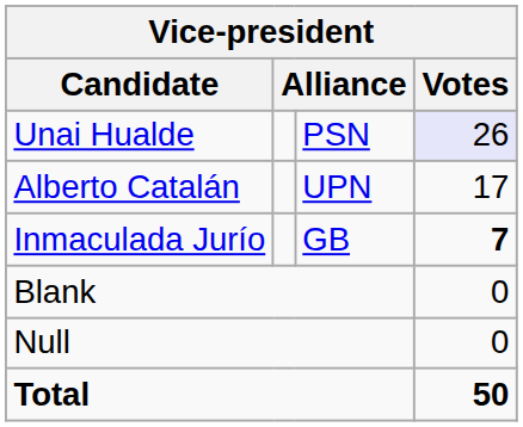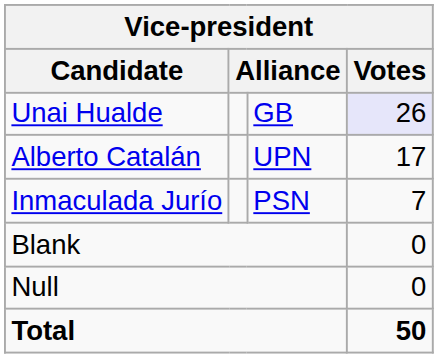 <table class="wikitable" style="font-size:90%; text-align:right;">
 <tr>
 <th colspan="4">Vice-president</th>
 </tr>
 <tr>
 <th>Candidate</th>
 <th colspan="2">Alliance</th>
 <th>Votes</th>
 </tr>
 <tr>
 <td align=left><a href='#'>Unai Hualde</a></td>
 <td style="background:"></td>
-<td align=left><a href='#'>PSN</a></td>
+<td align=left><a href='#'>GB</a></td>
 <td style="background: lavender;">26</td>
 </tr>
 <tr>
 <td align=left><a href='#'>Alberto Catalán</a></td>
 <td style="background:"></td>
 <td align=left><a href='#'>UPN</a></td>
 <td>17</td>
 </tr>
 <tr>
 <td align=left><a href='#'>Inmaculada Jurío</a></td>
 <td style="background:"></td>
-<td align=left><a href='#'>GB</a></td>
-<td><strong>7</strong></td>
+<td align=left><a href='#'>PSN</a></td>
+<td>7</td>
 </tr>
 <tr>
 <td align=left colspan="3">Blank</td>
 <td>0</td>
 </tr>
 <tr>
 <td align=left colspan="3">Null</td>
 <td>0</td>
 </tr>
 <tr style="font-weight:bold">
 <td align=left colspan="3">Total</td>
 <td>50</td>
 </tr>
 </table>
